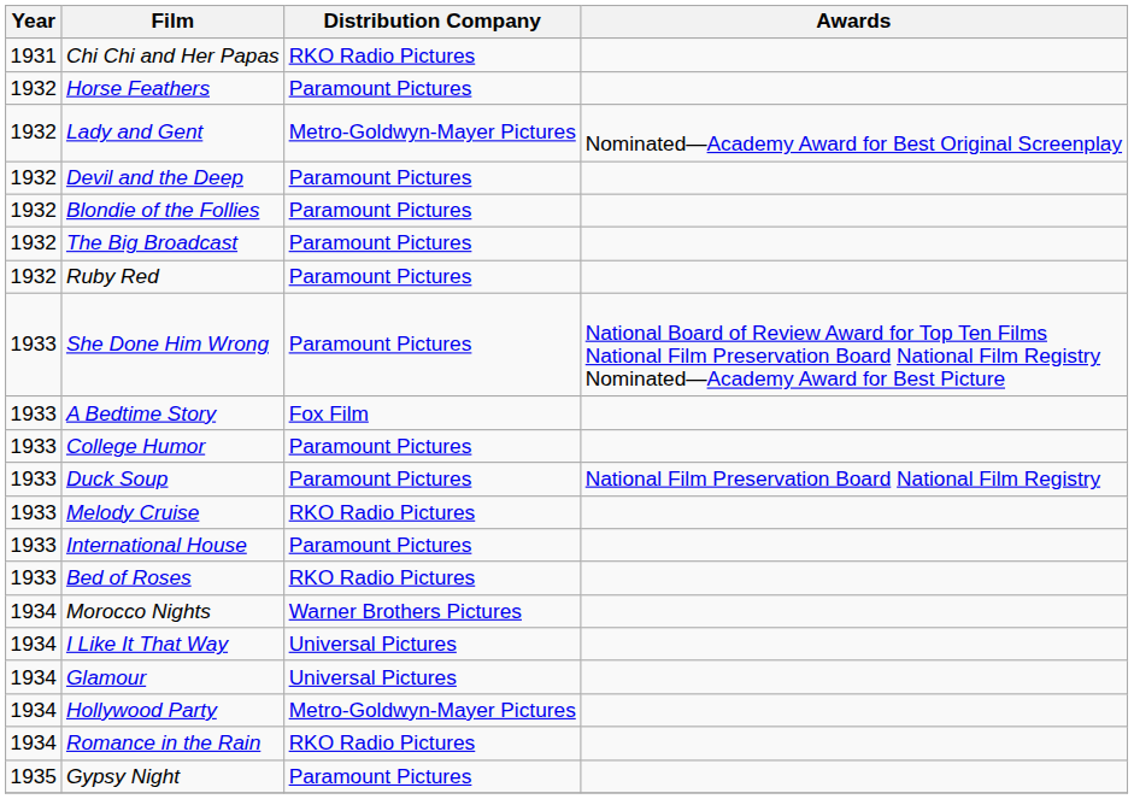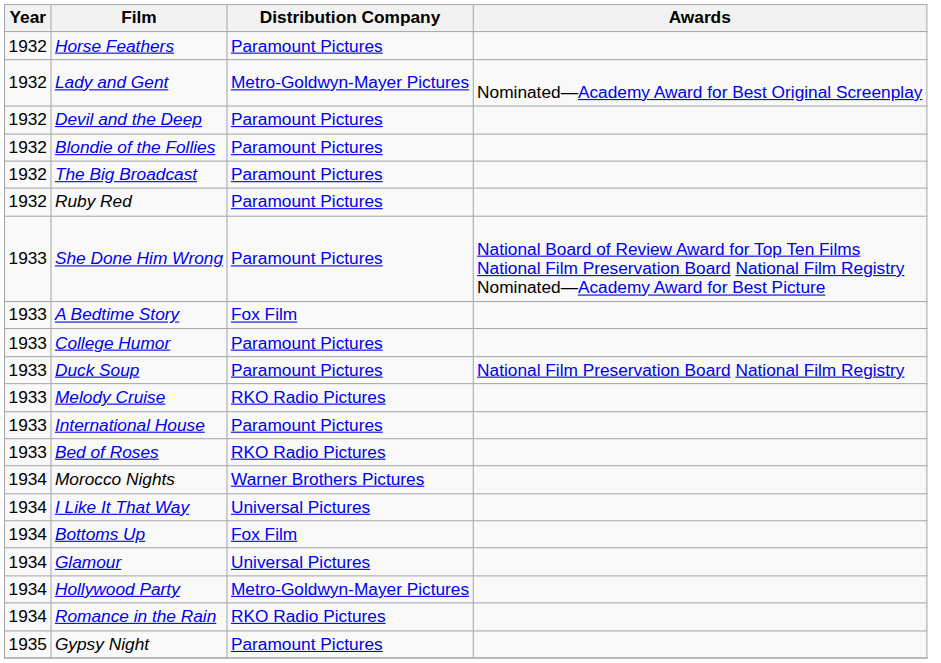 <table class="wikitable sortable">
 <tr>
 <th>Year</th>
 <th>Film</th>
 <th>Distribution Company</th>
 <th class="unsortable">Awards</th>
-</tr>
-<tr>
-<td>1931</td>
-<td><em>Chi Chi and Her Papas</em></td>
-<td><a href='#'>RKO Radio Pictures</a></td>
-<td></td>
 </tr>
 <tr>
 <td>1932</td>
 <td><em><a href='#'>Horse Feathers</a></em></td>
 <td><a href='#'>Paramount Pictures</a></td>
 <td></td>
 </tr>
 <tr>
 <td>1932</td>
 <td><em><a href='#'>Lady and Gent</a></em></td>
 <td><a href='#'>Metro-Goldwyn-Mayer Pictures</a></td>
 <td><br>Nominated—<a href='#'>Academy Award for Best Original Screenplay</a><br></td>
 </tr>
 <tr>
 <td>1932</td>
 <td><em><a href='#'>Devil and the Deep</a></em></td>
 <td><a href='#'>Paramount Pictures</a></td>
 <td></td>
 </tr>
 <tr>
 <td>1932</td>
 <td><em><a href='#'>Blondie of the Follies</a></em></td>
 <td><a href='#'>Paramount Pictures</a></td>
 <td></td>
 </tr>
 <tr>
 <td>1932</td>
 <td><em><a href='#'>The Big Broadcast</a></em></td>
 <td><a href='#'>Paramount Pictures</a></td>
 <td></td>
 </tr>
 <tr>
 <td>1932</td>
 <td><em>Ruby Red</em></td>
 <td><a href='#'>Paramount Pictures</a></td>
 <td></td>
 </tr>
 <tr>
 <td>1933</td>
 <td><em><a href='#'>She Done Him Wrong</a></em></td>
 <td><a href='#'>Paramount Pictures</a></td>
 <td><br><a href='#'>National Board of Review Award for Top Ten Films</a><br> <a href='#'>National Film Preservation Board</a> <a href='#'>National Film Registry</a><br> Nominated—<a href='#'>Academy Award for Best Picture</a><br></td>
 </tr>
 <tr>
 <td>1933</td>
 <td><em><a href='#'>A Bedtime Story</a></em></td>
 <td><a href='#'>Fox Film</a></td>
 <td></td>
 </tr>
 <tr>
 <td>1933</td>
 <td><em><a href='#'>College Humor</a></em></td>
 <td><a href='#'>Paramount Pictures</a></td>
 <td></td>
 </tr>
 <tr>
 <td>1933</td>
 <td><a href='#'><em>Duck Soup</em></a></td>
 <td><a href='#'>Paramount Pictures</a></td>
 <td><a href='#'>National Film Preservation Board</a> <a href='#'>National Film Registry</a></td>
 </tr>
 <tr>
 <td>1933</td>
 <td><em><a href='#'>Melody Cruise</a></em></td>
 <td><a href='#'>RKO Radio Pictures</a></td>
 <td></td>
 </tr>
 <tr>
 <td>1933</td>
 <td><em><a href='#'>International House</a></em></td>
 <td><a href='#'>Paramount Pictures</a></td>
 <td></td>
 </tr>
 <tr>
 <td>1933</td>
 <td><em><a href='#'>Bed of Roses</a></em></td>
 <td><a href='#'>RKO Radio Pictures</a></td>
 <td></td>
 </tr>
 <tr>
 <td>1934</td>
 <td><em>Morocco Nights</em></td>
 <td><a href='#'>Warner Brothers Pictures</a></td>
 <td></td>
 </tr>
 <tr>
 <td>1934</td>
 <td><em><a href='#'>I Like It That Way</a></em></td>
 <td><a href='#'>Universal Pictures</a></td>
 <td></td>
 </tr>
 <tr>
 <td>1934</td>
+<td><em><a href='#'>Bottoms Up</a></em></td>
+<td><a href='#'>Fox Film</a></td>
+<td></td>
+</tr>
+<tr>
+<td>1934</td>
 <td><em><a href='#'>Glamour</a></em></td>
 <td><a href='#'>Universal Pictures</a></td>
 <td></td>
 </tr>
 <tr>
 <td>1934</td>
 <td><em><a href='#'>Hollywood Party</a></em></td>
 <td><a href='#'>Metro-Goldwyn-Mayer Pictures</a></td>
 <td></td>
 </tr>
 <tr>
 <td>1934</td>
 <td><em><a href='#'>Romance in the Rain</a></em></td>
 <td><a href='#'>RKO Radio Pictures</a></td>
 <td></td>
 </tr>
 <tr>
 <td>1935</td>
 <td><em>Gypsy Night</em></td>
 <td><a href='#'>Paramount Pictures</a></td>
 <td></td>
 </tr>
 <tr>
 </tr>
 </table>
